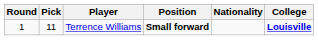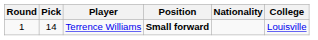 <table class="wikitable sortable sortable">
 <tr>
 <th>Round</th>
 <th>Pick</th>
 <th>Player</th>
 <th>Position</th>
 <th>Nationality</th>
 <th>College</th>
 </tr>
 <tr style="text-align: center">
 <td>1</td>
-<td>11</td>
+<td>14</td>
 <td><a href='#'>Terrence Williams</a></td>
 <td><strong>Small forward</strong></td>
 <td></td>
-<td><strong><a href='#'>Louisville</a></strong></td>
+<td><a href='#'>Louisville</a></td>
 </tr>
 </table>
